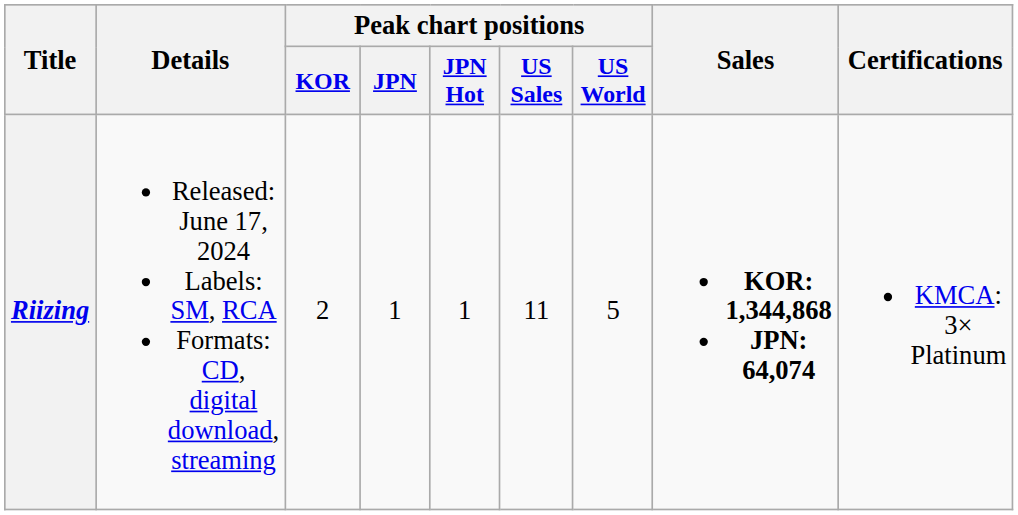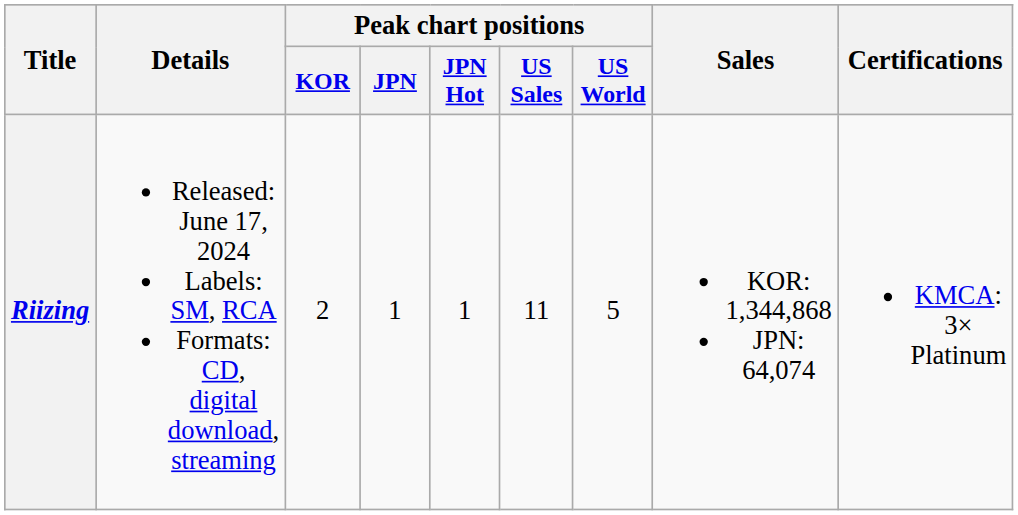 <table class="wikitable plainrowheaders" style="text-align:center">
 <tr>
 <th scope="col" rowspan="2">Title</th>
 <th scope="col" rowspan="2">Details</th>
 <th scope="col" colspan="5">Peak chart positions</th>
 <th scope="col" rowspan="2">Sales</th>
 <th scope="col" rowspan="2">Certifications</th>
 </tr>
 <tr>
 <th scope="col" style="width:3em;font-size:90%"><a href='#'>KOR</a><br></th>
 <th scope="col" style="width:3em;font-size:90%"><a href='#'>JPN</a><br></th>
 <th scope="col" style="width:3em;font-size:90%"><a href='#'>JPN<br>Hot</a><br></th>
 <th scope="col" style="width:3em;font-size:90%"><a href='#'>US<br>Sales</a><br></th>
 <th scope="col" style="width:3em;font-size:90%"><a href='#'>US<br>World</a><br></th>
 </tr>
 <tr>
 <th scope="row"><em><a href='#'>Riizing</a></em></th>
 <td><br><ul><li>Released: June 17, 2024</li><li>Labels: <a href='#'>SM</a>, <a href='#'>RCA</a></li><li>Formats: <a href='#'>CD</a>, <a href='#'>digital download</a>, <a href='#'>streaming</a></li></ul></td>
 <td>2</td>
 <td>1</td>
 <td>1</td>
 <td>11</td>
 <td>5</td>
-<td><strong><br><ul><li>KOR: 1,344,868</li><li>JPN: 64,074</li></ul></strong></td>
+<td><br><ul><li>KOR: 1,344,868</li><li>JPN: 64,074</li></ul></td>
 <td><br><ul><li><a href='#'>KMCA</a>: 3× Platinum</li></ul></td>
 </tr>
 </table>
